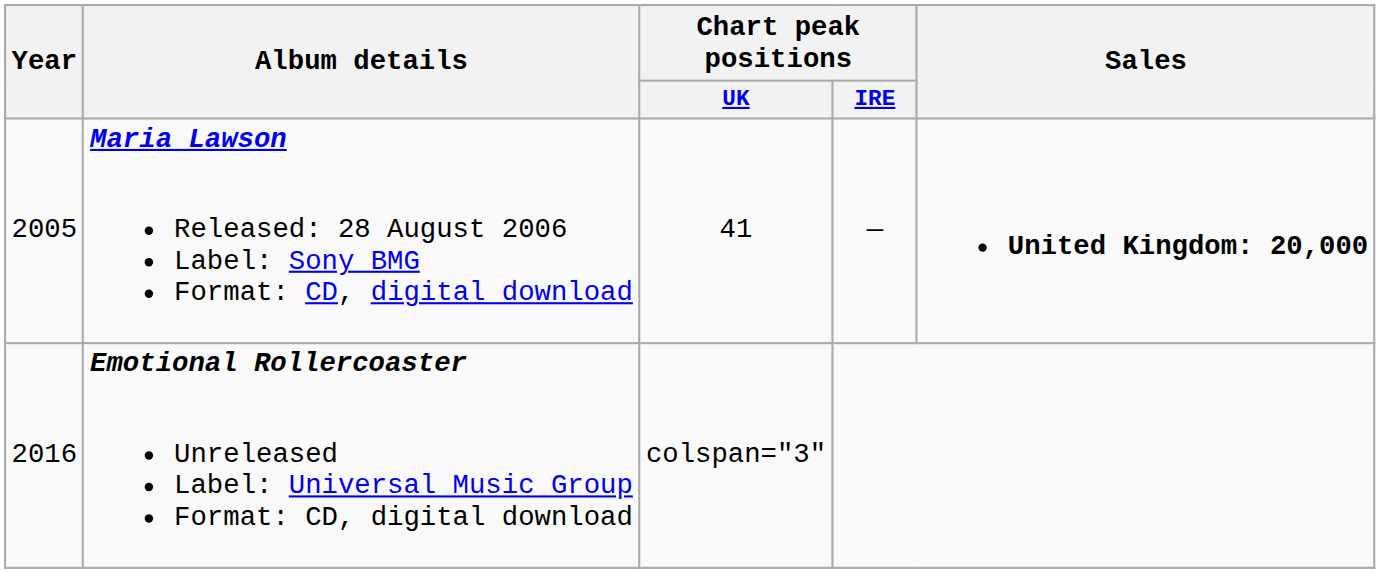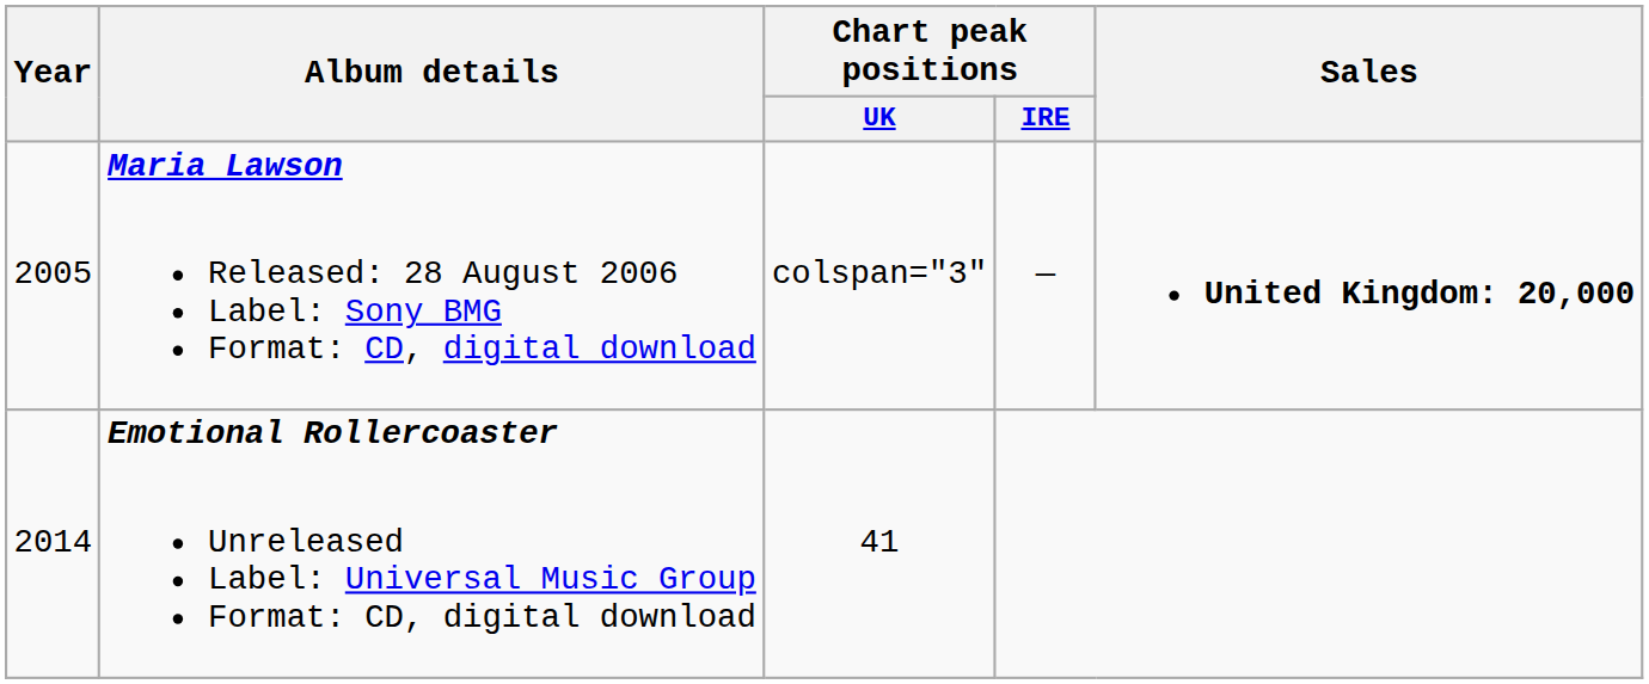 <table class=wikitable style=text-align:center;>
 <tr>
 <th rowspan=2>Year</th>
 <th rowspan=2>Album details</th>
 <th colspan=2>Chart peak positions</th>
 <th rowspan=2>Sales</th>
 </tr>
 <tr style=font-size:smaller;>
 <th width=35><a href='#'>UK</a></th>
 <th width=35><a href='#'>IRE</a></th>
 </tr>
 <tr>
 <td>2005</td>
 <td align=left><strong><em><a href='#'>Maria Lawson</a></em></strong><div><br><ul><li>Released: 28 August 2006</li><li>Label: <a href='#'>Sony BMG</a></li><li>Format: <a href='#'>CD</a>, <a href='#'>digital download</a></div></li></ul></td>
-<td>41</td>
+<td>colspan="3" </td>
 <td>—</td>
 <td align=left><strong><div><br><ul><li>United Kingdom: 20,000</div></li></ul></strong></td>
 </tr>
 <tr>
-<td>2016</td>
+<td>2014</td>
 <td align=left><strong><em>Emotional Rollercoaster</em></strong><div><br><ul><li>Unreleased</li><li>Label: <a href='#'>Universal Music Group</a></li><li>Format: CD, digital download</div></li></ul></td>
-<td>colspan="3" </td>
+<td>41</td>
 </tr>
 </table>
